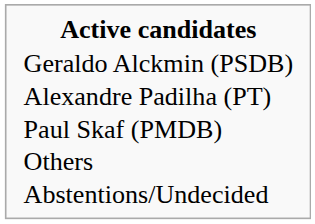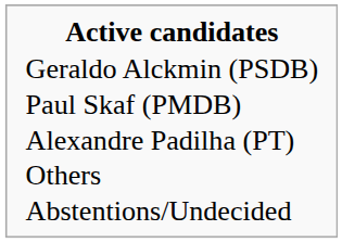 <table style="float; margin-left: 1em; margin-bottom: 0.5em" class="infobox">
 <tr>
 <td style="text-align: center"><span><strong>Active candidates</strong></span></td>
 </tr>
 <tr>
 <td style="padding: 0 5px;"> Geraldo Alckmin (PSDB)</td>
 </tr>
 <tr>
-<td style="padding: 0 5px;"> Alexandre Padilha (PT)</td>
+<td style="padding: 0 5px;"> Paul Skaf (PMDB)</td>
 </tr>
 <tr>
-<td style="padding: 0 5px;"> Paul Skaf (PMDB)</td>
+<td style="padding: 0 5px;"> Alexandre Padilha (PT)</td>
 </tr>
 <tr>
 <td style="padding: 0 5px;"> Others</td>
 </tr>
 <tr>
 <td style="padding: 0 5px;"> Abstentions/Undecided</td>
 </tr>
 </table>
